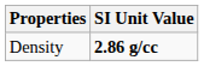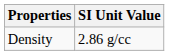 <table class="wikitable">
 <tr>
 <th>Properties</th>
 <th>SI Unit Value</th>
 </tr>
 <tr>
 <td>Density</td>
-<td><strong>2.86 g/cc</strong></td>
+<td>2.86 g/cc</td>
 </tr>
 </table>
